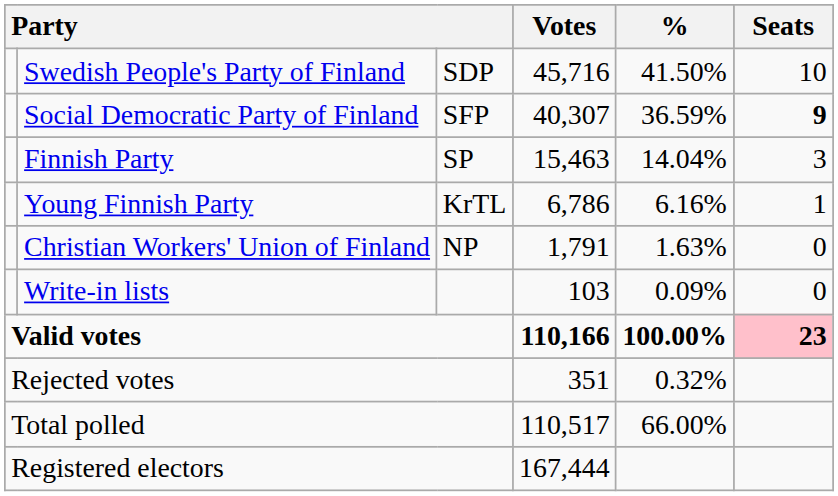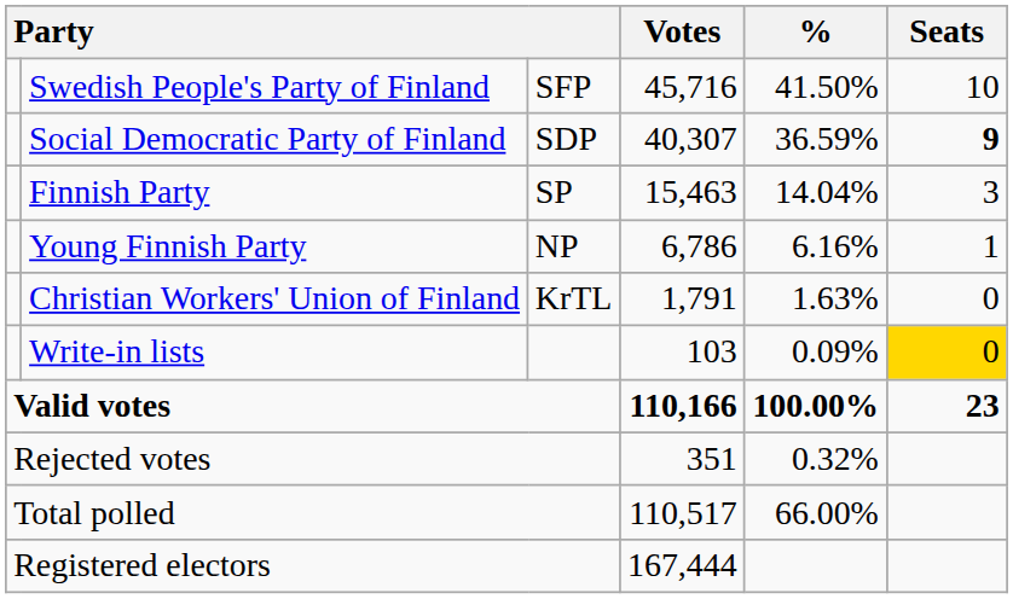 <table class="wikitable" border="1" style="text-align:right;">
 <tr>
 <th style="text-align:left;" colspan=3>Party</th>
 <th align=center width="50">Votes</th>
 <th align=center width="50">%</th>
 <th align=center width="50">Seats</th>
 </tr>
 <tr>
 <td></td>
 <td align=left><a href='#'>Swedish People's Party of Finland</a></td>
-<td align=left>SDP</td>
+<td align=left>SFP</td>
 <td>45,716</td>
 <td>41.50%</td>
 <td>10</td>
 </tr>
 <tr>
 <td></td>
 <td align=left style="white-space: nowrap;"><a href='#'>Social Democratic Party of Finland</a></td>
-<td align=left>SFP</td>
+<td align=left>SDP</td>
 <td>40,307</td>
 <td>36.59%</td>
 <td><strong>9</strong></td>
 </tr>
 <tr>
 <td></td>
 <td align=left><a href='#'>Finnish Party</a></td>
 <td align=left>SP</td>
 <td>15,463</td>
 <td>14.04%</td>
 <td>3</td>
 </tr>
 <tr>
 <td></td>
 <td align=left><a href='#'>Young Finnish Party</a></td>
-<td align=left>KrTL</td>
+<td align=left>NP</td>
 <td>6,786</td>
 <td>6.16%</td>
 <td>1</td>
 </tr>
 <tr>
 <td></td>
 <td align=left><a href='#'>Christian Workers' Union of Finland</a></td>
-<td align=left>NP</td>
+<td align=left>KrTL</td>
 <td>1,791</td>
 <td>1.63%</td>
 <td>0</td>
 </tr>
 <tr>
 <td></td>
 <td align=left><a href='#'>Write-in lists</a></td>
 <td align=left></td>
 <td>103</td>
 <td>0.09%</td>
-<td>0</td>
+<td style="background: gold;">0</td>
 </tr>
 <tr style="font-weight:bold">
 <td align=left colspan=3>Valid votes</td>
 <td>110,166</td>
 <td>100.00%</td>
-<td style="background: pink;">23</td>
+<td>23</td>
 </tr>
 <tr>
 <td align=left colspan=3>Rejected votes</td>
 <td>351</td>
 <td>0.32%</td>
 <td></td>
 </tr>
 <tr>
 <td align=left colspan=3>Total polled</td>
 <td>110,517</td>
 <td>66.00%</td>
 <td></td>
 </tr>
 <tr>
 <td align=left colspan=3>Registered electors</td>
 <td>167,444</td>
 <td></td>
 <td></td>
 </tr>
 </table>
